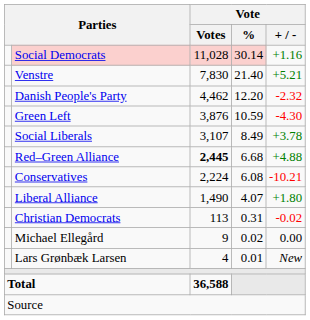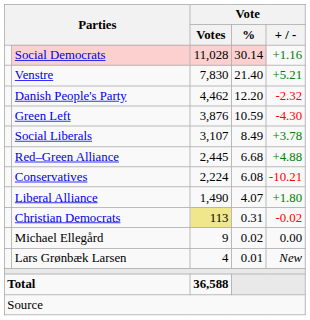 <table class="wikitable" style="text-align:right;">
 <tr>
 <th style="text-align:centre;" rowspan="2" colspan="2" width="225">Parties</th>
 <th colspan="3">Vote</th>
 </tr>
 <tr>
 <th width="15">Votes</th>
 <th width="15">%</th>
 <th width="15">+ / -</th>
 </tr>
 <tr>
 <td width="2" style="color:inherit;background:"></td>
 <td bgcolor=#fbd0ce  align="left"><a href='#'>Social Democrats</a></td>
 <td bgcolor=#fbd0ce>11,028</td>
 <td bgcolor=#fbd0ce>30.14</td>
 <td style=color:green;>+1.16</td>
 </tr>
 <tr>
 <td width="2" style="color:inherit;background:"></td>
 <td align="left"><a href='#'>Venstre</a></td>
 <td>7,830</td>
 <td>21.40</td>
 <td style=color:green;>+5.21</td>
 </tr>
 <tr>
 <td width="2" style="color:inherit;background:"></td>
 <td align="left"><a href='#'>Danish People's Party</a></td>
 <td>4,462</td>
 <td>12.20</td>
 <td style=color:red;>-2.32</td>
 </tr>
 <tr>
 <td width="2" style="color:inherit;background:"></td>
 <td align="left"><a href='#'>Green Left</a></td>
 <td>3,876</td>
 <td>10.59</td>
 <td style=color:red;>-4.30</td>
 </tr>
 <tr>
 <td width="2" style="color:inherit;background:"></td>
 <td align="left"><a href='#'>Social Liberals</a></td>
 <td>3,107</td>
 <td>8.49</td>
 <td style=color:green;>+3.78</td>
 </tr>
 <tr>
 <td width="2" style="color:inherit;background:"></td>
 <td align="left"><a href='#'>Red–Green Alliance</a></td>
-<td><strong>2,445</strong></td>
+<td>2,445</td>
 <td>6.68</td>
 <td style=color:green;>+4.88</td>
 </tr>
 <tr>
 <td width="2" style="color:inherit;background:"></td>
 <td align="left"><a href='#'>Conservatives</a></td>
 <td>2,224</td>
 <td>6.08</td>
 <td style=color:red;>-10.21</td>
 </tr>
 <tr>
 <td width="2" style="color:inherit;background:"></td>
 <td align="left"><a href='#'>Liberal Alliance</a></td>
 <td>1,490</td>
 <td>4.07</td>
 <td style=color:green;>+1.80</td>
 </tr>
 <tr>
 <td width="2" style="color:inherit;background:"></td>
 <td align="left"><a href='#'>Christian Democrats</a></td>
-<td>113</td>
+<td style="background: khaki;">113</td>
 <td>0.31</td>
 <td style=color:red;>-0.02</td>
 </tr>
 <tr>
 <td width="2" style="color:inherit;background:"></td>
 <td align="left">Michael Ellegård</td>
 <td>9</td>
 <td>0.02</td>
 <td>0.00</td>
 </tr>
 <tr>
 <td width="2" style="color:inherit;background:"></td>
 <td align="left">Lars Grønbæk Larsen</td>
 <td>4</td>
 <td>0.01</td>
 <td><em>New</em></td>
 </tr>
 <tr>
 <td colspan="7" bgcolor="#E9E9E9"></td>
 </tr>
 <tr>
 <td align="left" colspan="2"><strong>Total</strong></td>
 <td><strong>36,588</strong></td>
 <td bgcolor="#E9E9E9" colspan="2"></td>
 </tr>
 <tr>
 <td align="left" colspan="6">Source</td>
 </tr>
 </table>
